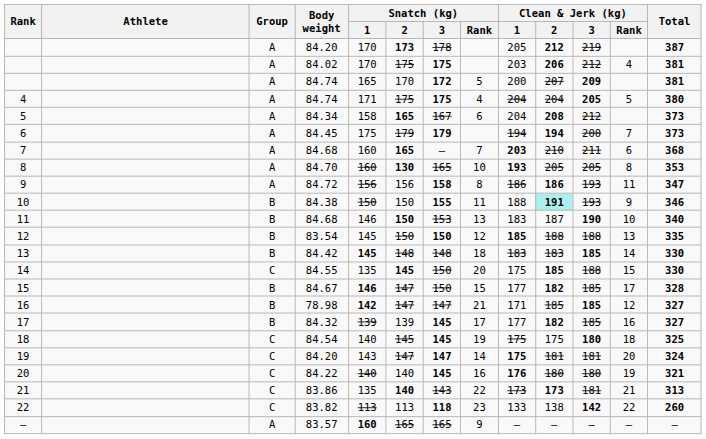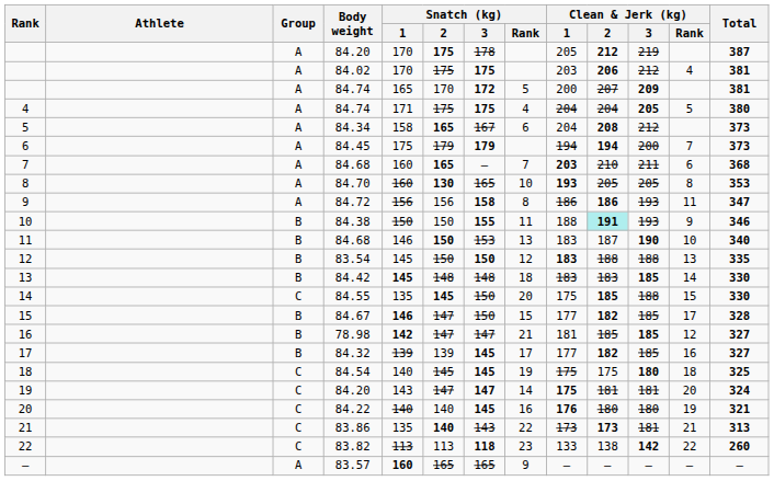 <table class = "wikitable" style="text-align:center;">
 <tr>
 <th rowspan=2 width=40>Rank</th>
 <th rowspan=2 width=250>Athlete</th>
 <th rowspan=2 width=50>Group</th>
 <th rowspan=2 width=60>Body weight</th>
 <th colspan=4>Snatch (kg)</th>
 <th colspan=4>Clean & Jerk (kg)</th>
 <th rowspan=2 width=60>Total</th>
 </tr>
 <tr>
 <th width=40>1</th>
 <th width=40>2</th>
 <th width=40>3</th>
 <th width=40>Rank</th>
 <th width=40>1</th>
 <th width=40>2</th>
 <th width=40>3</th>
 <th width=40>Rank</th>
 </tr>
 <tr>
 <td></td>
 <td align=left></td>
 <td>A</td>
 <td>84.20</td>
 <td>170</td>
-<td><strong>173</strong></td>
+<td><strong>175</strong></td>
 <td><s>178</s></td>
 <td></td>
 <td>205</td>
 <td><strong>212</strong></td>
 <td><s>219</s></td>
 <td></td>
 <td><strong>387</strong></td>
 </tr>
 <tr>
 <td></td>
 <td align=left></td>
 <td>A</td>
 <td>84.02</td>
 <td>170</td>
 <td><s>175</s></td>
 <td><strong>175</strong></td>
 <td></td>
 <td>203</td>
 <td><strong>206</strong></td>
 <td><s>212</s></td>
 <td>4</td>
 <td><strong>381</strong></td>
 </tr>
 <tr>
 <td></td>
 <td align=left></td>
 <td>A</td>
 <td>84.74</td>
 <td>165</td>
 <td>170</td>
 <td><strong>172</strong></td>
 <td>5</td>
 <td>200</td>
 <td><s>207</s></td>
 <td><strong>209</strong></td>
 <td></td>
 <td><strong>381</strong></td>
 </tr>
 <tr>
 <td>4</td>
 <td align=left></td>
 <td>A</td>
 <td>84.74</td>
 <td>171</td>
 <td><s>175</s></td>
 <td><strong>175</strong></td>
 <td>4</td>
 <td><s>204</s></td>
 <td><s>204</s></td>
 <td><strong>205</strong></td>
 <td>5</td>
 <td><strong>380</strong></td>
 </tr>
 <tr>
 <td>5</td>
 <td align=left></td>
 <td>A</td>
 <td>84.34</td>
 <td>158</td>
 <td><strong>165</strong></td>
 <td><s>167</s></td>
 <td>6</td>
 <td>204</td>
 <td><strong>208</strong></td>
 <td><s>212</s></td>
 <td></td>
 <td><strong>373</strong></td>
 </tr>
 <tr>
 <td>6</td>
 <td align=left></td>
 <td>A</td>
 <td>84.45</td>
 <td>175</td>
 <td><s>179</s></td>
 <td><strong>179</strong></td>
 <td></td>
 <td><s>194</s></td>
 <td><strong>194</strong></td>
 <td><s>200</s></td>
 <td>7</td>
 <td><strong>373</strong></td>
 </tr>
 <tr>
 <td>7</td>
 <td align=left></td>
 <td>A</td>
 <td>84.68</td>
 <td>160</td>
 <td><strong>165</strong></td>
 <td>—</td>
 <td>7</td>
 <td><strong>203</strong></td>
 <td><s>210</s></td>
 <td><s>211</s></td>
 <td>6</td>
 <td><strong>368</strong></td>
 </tr>
 <tr>
 <td>8</td>
 <td align=left></td>
 <td>A</td>
 <td>84.70</td>
 <td><s>160</s></td>
 <td><strong>130</strong></td>
 <td><s>165</s></td>
 <td>10</td>
 <td><strong>193</strong></td>
 <td><s>205</s></td>
 <td><s>205</s></td>
 <td>8</td>
 <td><strong>353</strong></td>
 </tr>
 <tr>
 <td>9</td>
 <td align=left></td>
 <td>A</td>
 <td>84.72</td>
 <td><s>156</s></td>
 <td>156</td>
 <td><strong>158</strong></td>
 <td>8</td>
 <td><s>186</s></td>
 <td><strong>186</strong></td>
 <td><s>193</s></td>
 <td>11</td>
 <td><strong>347</strong></td>
 </tr>
 <tr>
 <td>10</td>
 <td align=left></td>
 <td>B</td>
 <td>84.38</td>
 <td><s>150</s></td>
 <td>150</td>
 <td><strong>155</strong></td>
 <td>11</td>
 <td>188</td>
 <td style="background: paleturquoise;"><strong>191</strong></td>
 <td><s>193</s></td>
 <td>9</td>
 <td><strong>346</strong></td>
 </tr>
 <tr>
 <td>11</td>
 <td align=left></td>
 <td>B</td>
 <td>84.68</td>
 <td>146</td>
 <td><strong>150</strong></td>
 <td><s>153</s></td>
 <td>13</td>
 <td>183</td>
 <td>187</td>
 <td><strong>190</strong></td>
 <td>10</td>
 <td><strong>340</strong></td>
 </tr>
 <tr>
 <td>12</td>
 <td align=left></td>
 <td>B</td>
 <td>83.54</td>
 <td>145</td>
 <td><s>150</s></td>
 <td><strong>150</strong></td>
 <td>12</td>
-<td><strong>185</strong></td>
+<td><strong>183</strong></td>
 <td><s>188</s></td>
 <td><s>188</s></td>
 <td>13</td>
 <td><strong>335</strong></td>
 </tr>
 <tr>
 <td>13</td>
 <td align=left></td>
 <td>B</td>
 <td>84.42</td>
 <td><strong>145</strong></td>
 <td><s>148</s></td>
 <td><s>148</s></td>
 <td>18</td>
 <td><s>183</s></td>
 <td><s>183</s></td>
 <td><strong>185</strong></td>
 <td>14</td>
 <td><strong>330</strong></td>
 </tr>
 <tr>
 <td>14</td>
 <td align=left></td>
 <td>C</td>
 <td>84.55</td>
 <td>135</td>
 <td><strong>145</strong></td>
 <td><s>150</s></td>
 <td>20</td>
 <td>175</td>
 <td><strong>185</strong></td>
 <td><s>188</s></td>
 <td>15</td>
 <td><strong>330</strong></td>
 </tr>
 <tr>
 <td>15</td>
 <td align=left></td>
 <td>B</td>
 <td>84.67</td>
 <td><strong>146</strong></td>
 <td><s>147</s></td>
 <td><s>150</s></td>
 <td>15</td>
 <td>177</td>
 <td><strong>182</strong></td>
 <td><s>185</s></td>
 <td>17</td>
 <td><strong>328</strong></td>
 </tr>
 <tr>
 <td>16</td>
 <td align=left></td>
 <td>B</td>
 <td>78.98</td>
 <td><strong>142</strong></td>
 <td><s>147</s></td>
 <td><s>147</s></td>
 <td>21</td>
-<td>171</td>
+<td>181</td>
 <td><s>185</s></td>
 <td><strong>185</strong></td>
 <td>12</td>
 <td><strong>327</strong></td>
 </tr>
 <tr>
 <td>17</td>
 <td align=left></td>
 <td>B</td>
 <td>84.32</td>
 <td><s>139</s></td>
 <td>139</td>
 <td><strong>145</strong></td>
 <td>17</td>
 <td>177</td>
 <td><strong>182</strong></td>
 <td><s>185</s></td>
 <td>16</td>
 <td><strong>327</strong></td>
 </tr>
 <tr>
 <td>18</td>
 <td align=left></td>
 <td>C</td>
 <td>84.54</td>
 <td>140</td>
 <td><s>145</s></td>
 <td><strong>145</strong></td>
 <td>19</td>
 <td><s>175</s></td>
 <td>175</td>
 <td><strong>180</strong></td>
 <td>18</td>
 <td><strong>325</strong></td>
 </tr>
 <tr>
 <td>19</td>
 <td align=left></td>
 <td>C</td>
 <td>84.20</td>
 <td>143</td>
 <td><s>147</s></td>
 <td><strong>147</strong></td>
 <td>14</td>
 <td><strong>175</strong></td>
 <td><s>181</s></td>
 <td><s>181</s></td>
 <td>20</td>
 <td><strong>324</strong></td>
 </tr>
 <tr>
 <td>20</td>
 <td align=left></td>
 <td>C</td>
 <td>84.22</td>
 <td><s>140</s></td>
 <td>140</td>
 <td><strong>145</strong></td>
 <td>16</td>
 <td><strong>176</strong></td>
 <td><s>180</s></td>
 <td><s>180</s></td>
 <td>19</td>
 <td><strong>321</strong></td>
 </tr>
 <tr>
 <td>21</td>
 <td align=left></td>
 <td>C</td>
 <td>83.86</td>
 <td>135</td>
 <td><strong>140</strong></td>
 <td><s>143</s></td>
 <td>22</td>
 <td><s>173</s></td>
 <td><strong>173</strong></td>
 <td><s>181</s></td>
 <td>21</td>
 <td><strong>313</strong></td>
 </tr>
 <tr>
 <td>22</td>
 <td align=left></td>
 <td>C</td>
 <td>83.82</td>
 <td><s>113</s></td>
 <td>113</td>
 <td><strong>118</strong></td>
 <td>23</td>
 <td>133</td>
 <td>138</td>
 <td><strong>142</strong></td>
 <td>22</td>
 <td><strong>260</strong></td>
 </tr>
 <tr>
 <td>—</td>
 <td align=left></td>
 <td>A</td>
 <td>83.57</td>
 <td><strong>160</strong></td>
 <td><s>165</s></td>
 <td><s>165</s></td>
 <td>9</td>
 <td>—</td>
 <td>—</td>
 <td>—</td>
 <td>—</td>
 <td>—</td>
 </tr>
 </table>
